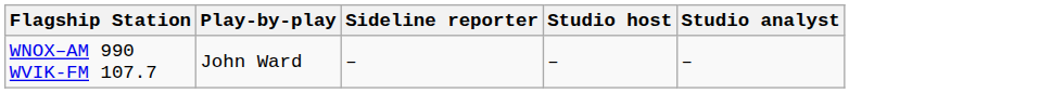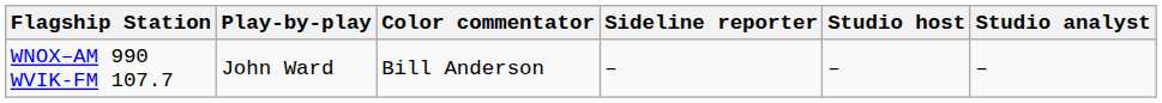 <table class="wikitable">
 <tr>
 <th>Flagship Station</th>
 <th>Play-by-play</th>
+<th>Color commentator</th>
 <th>Sideline reporter</th>
 <th>Studio host</th>
 <th>Studio analyst</th>
 </tr>
 <tr>
 <td><a href='#'><span>WNOX–AM</span></a> <span>990</span><br><a href='#'><span>WVIK-FM</span></a> <span>107.7</span></td>
 <td><span>John Ward</span></td>
+<td><span>Bill Anderson</span></td>
 <td><span>–</span></td>
 <td><span>–</span></td>
 <td><span>–</span></td>
 </tr>
 </table>
